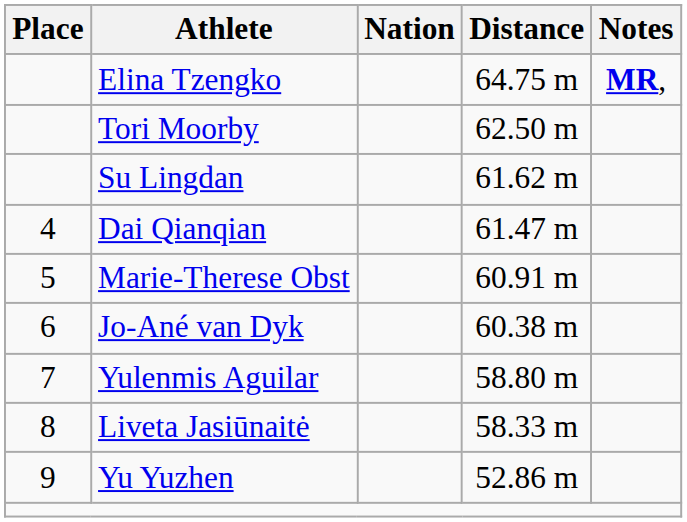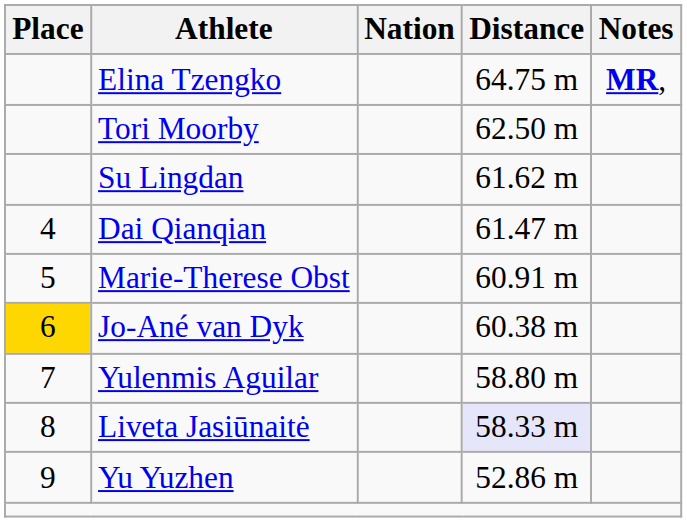 <table class="wikitable mw-datatable sortable" style="text-align:center;">
 <tr>
 <th scope="col">Place</th>
 <th scope="col">Athlete</th>
 <th scope="col">Nation</th>
 <th scope="col">Distance</th>
 <th scope="col">Notes</th>
 </tr>
 <tr>
 <td></td>
 <td align="left"><a href='#'>Elina Tzengko</a></td>
 <td align="left"></td>
 <td>64.75 m</td>
 <td><strong><a href='#'>MR</a></strong>, </td>
 </tr>
 <tr>
 <td></td>
 <td align="left"><a href='#'>Tori Moorby</a></td>
 <td align="left"></td>
 <td>62.50 m</td>
 <td></td>
 </tr>
 <tr>
 <td></td>
 <td align="left"><a href='#'>Su Lingdan</a></td>
 <td align="left"></td>
 <td>61.62 m</td>
 <td></td>
 </tr>
 <tr>
 <td>4</td>
 <td align="left"><a href='#'>Dai Qianqian</a></td>
 <td align="left"></td>
 <td>61.47 m</td>
 <td></td>
 </tr>
 <tr>
 <td>5</td>
 <td align="left"><a href='#'>Marie-Therese Obst</a></td>
 <td align="left"></td>
 <td>60.91 m</td>
 <td></td>
 </tr>
 <tr>
-<td>6</td>
+<td style="background: gold;">6</td>
 <td align="left"><a href='#'>Jo-Ané van Dyk</a></td>
 <td align="left"></td>
 <td>60.38 m</td>
 <td></td>
 </tr>
 <tr>
 <td>7</td>
 <td align="left"><a href='#'>Yulenmis Aguilar</a></td>
 <td align="left"></td>
 <td>58.80 m</td>
 <td></td>
 </tr>
 <tr>
 <td>8</td>
 <td align="left"><a href='#'>Liveta Jasiūnaitė</a></td>
 <td align="left"></td>
-<td>58.33 m</td>
+<td style="background: lavender;">58.33 m</td>
 <td></td>
 </tr>
 <tr>
 <td>9</td>
 <td align="left"><a href='#'>Yu Yuzhen</a></td>
 <td align="left"></td>
 <td>52.86 m</td>
 <td></td>
 </tr>
 <tr class="sortbottom">
 <td colspan="5"></td>
 </tr>
 </table>
